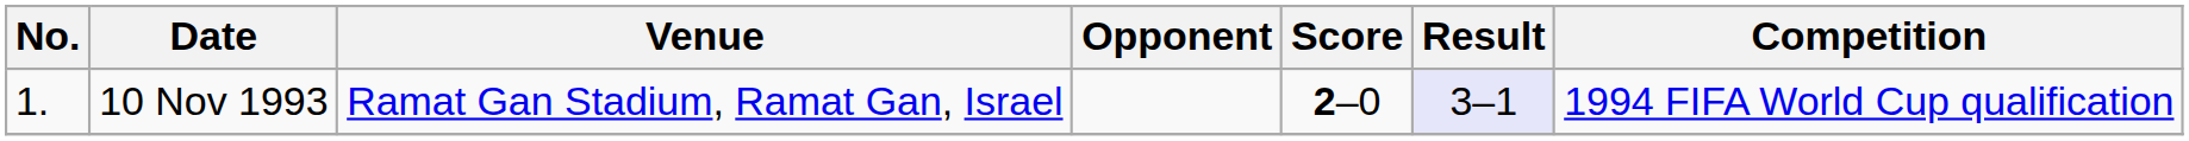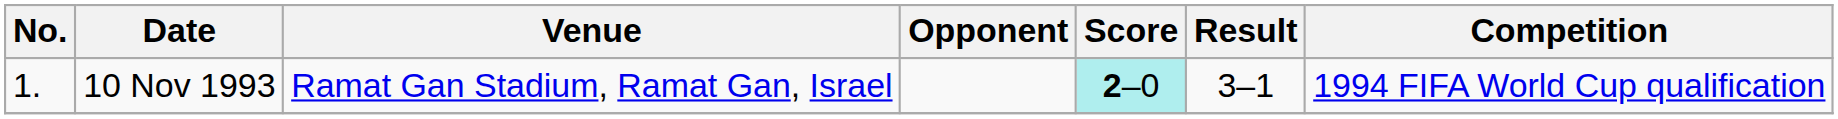 <table class="wikitable">
 <tr>
 <th>No.</th>
 <th>Date</th>
 <th>Venue</th>
 <th>Opponent</th>
 <th>Score</th>
 <th>Result</th>
 <th>Competition</th>
 </tr>
 <tr>
 <td>1.</td>
 <td>10 Nov 1993</td>
 <td><a href='#'>Ramat Gan Stadium</a>, <a href='#'>Ramat Gan</a>, <a href='#'>Israel</a></td>
 <td></td>
-<td align=center><strong>2</strong>–0</td>
-<td align=center style="background: lavender;">3–1</td>
+<td align=center style="background: paleturquoise;"><strong>2</strong>–0</td>
+<td align=center>3–1</td>
 <td><a href='#'>1994 FIFA World Cup qualification</a></td>
 </tr>
 <tr>
 </tr>
 </table>
